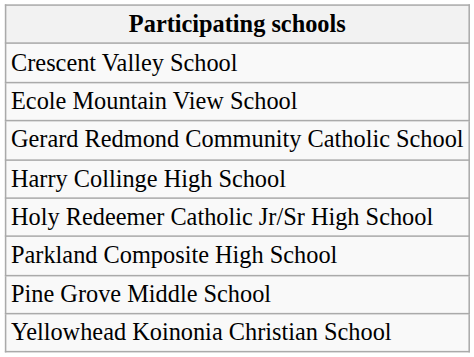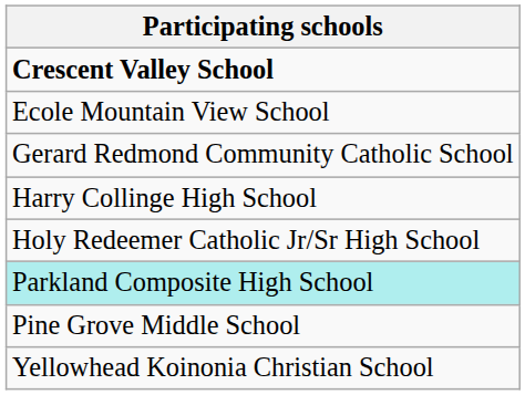 <table class="wikitable" align=right>
 <tr>
 <th>Participating schools</th>
 </tr>
 <tr>
-<td>Crescent Valley School</td>
+<td><strong>Crescent Valley School</strong></td>
 </tr>
 <tr>
 <td>Ecole Mountain View School</td>
 </tr>
 <tr>
 <td>Gerard Redmond Community Catholic School</td>
 </tr>
 <tr>
 <td>Harry Collinge High School</td>
 </tr>
 <tr>
 <td>Holy Redeemer Catholic Jr/Sr High School</td>
 </tr>
 <tr>
-<td>Parkland Composite High School</td>
+<td style="background: paleturquoise;">Parkland Composite High School</td>
 </tr>
 <tr>
 <td>Pine Grove Middle School</td>
 </tr>
 <tr>
 <td>Yellowhead Koinonia Christian School</td>
 </tr>
 </table>
